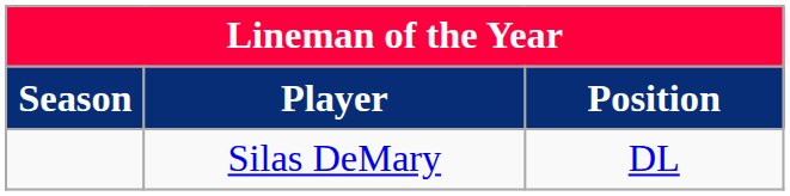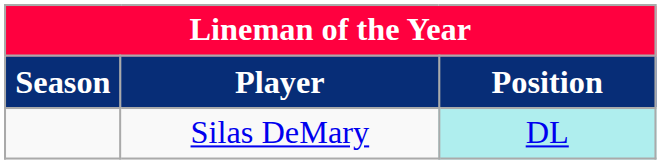 <table class="wikitable sortable" style="text-align:center">
 <tr>
 <td colspan="4" style="background:#FF003F; color:white;"><strong>Lineman of the Year</strong></td>
 </tr>
 <tr>
 <th style="width:50px; background:#072D77; color:white;">Season</th>
 <th style="width:150px; background:#072D77; color:white;">Player</th>
 <th style="width:100px; background:#072D77; color:white;">Position</th>
 </tr>
 <tr>
 <td></td>
 <td><a href='#'>Silas DeMary</a></td>
-<td><a href='#'>DL</a></td>
+<td style="background: paleturquoise;"><a href='#'>DL</a></td>
 </tr>
 </table>
